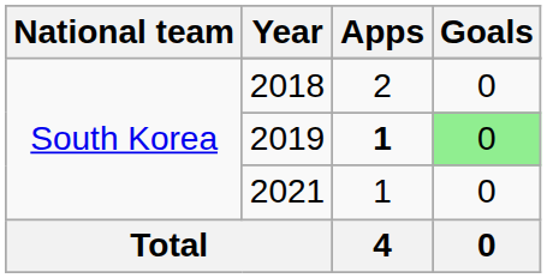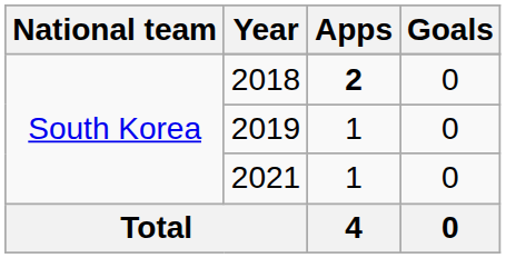 <table class="wikitable" style="text-align:center">
 <tr>
 <th>National team</th>
 <th>Year</th>
 <th>Apps</th>
 <th>Goals</th>
 </tr>
 <tr>
 <td rowspan=4><a href='#'>South Korea</a></td>
 </tr>
 <tr>
 <td>2018</td>
-<td>2</td>
+<td><strong>2</strong></td>
 <td>0</td>
 </tr>
 <tr>
 <td>2019</td>
-<td><strong>1</strong></td>
-<td style="background: lightgreen;">0</td>
+<td>1</td>
+<td>0</td>
 </tr>
 <tr>
 <td>2021</td>
 <td>1</td>
 <td>0</td>
 </tr>
 <tr>
 <th colspan="2">Total</th>
 <th>4</th>
 <th>0</th>
 </tr>
 </table>
